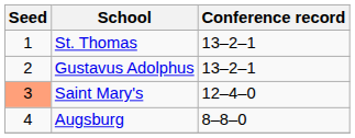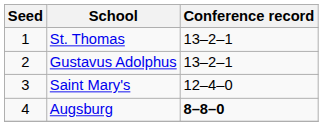 <table class="wikitable">
 <tr>
 <th>Seed</th>
 <th>School</th>
 <th>Conference record</th>
 </tr>
 <tr>
 <td align=center>1</td>
 <td><a href='#'>St. Thomas</a></td>
 <td>13–2–1</td>
 </tr>
 <tr>
 <td align=center>2</td>
 <td><a href='#'>Gustavus Adolphus</a></td>
 <td>13–2–1</td>
 </tr>
 <tr>
-<td align=center style="background: lightsalmon;">3</td>
+<td align=center>3</td>
 <td><a href='#'>Saint Mary's</a></td>
 <td>12–4–0</td>
 </tr>
 <tr>
 <td align=center>4</td>
 <td><a href='#'>Augsburg</a></td>
-<td>8–8–0</td>
+<td><strong>8–8–0</strong></td>
 </tr>
 <tr>
 </tr>
 </table>
